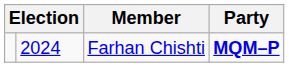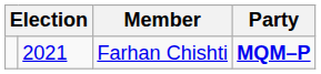 <table class="wikitable">
 <tr>
 <th colspan="2">Election</th>
 <th>Member</th>
 <th>Party</th>
 </tr>
 <tr>
 <td style="background-color: "></td>
-<td><a href='#'>2024</a></td>
+<td><a href='#'>2021</a></td>
 <td><a href='#'>Farhan Chishti</a></td>
 <td><strong><a href='#'>MQM–P</a></strong></td>
 </tr>
 </table>
